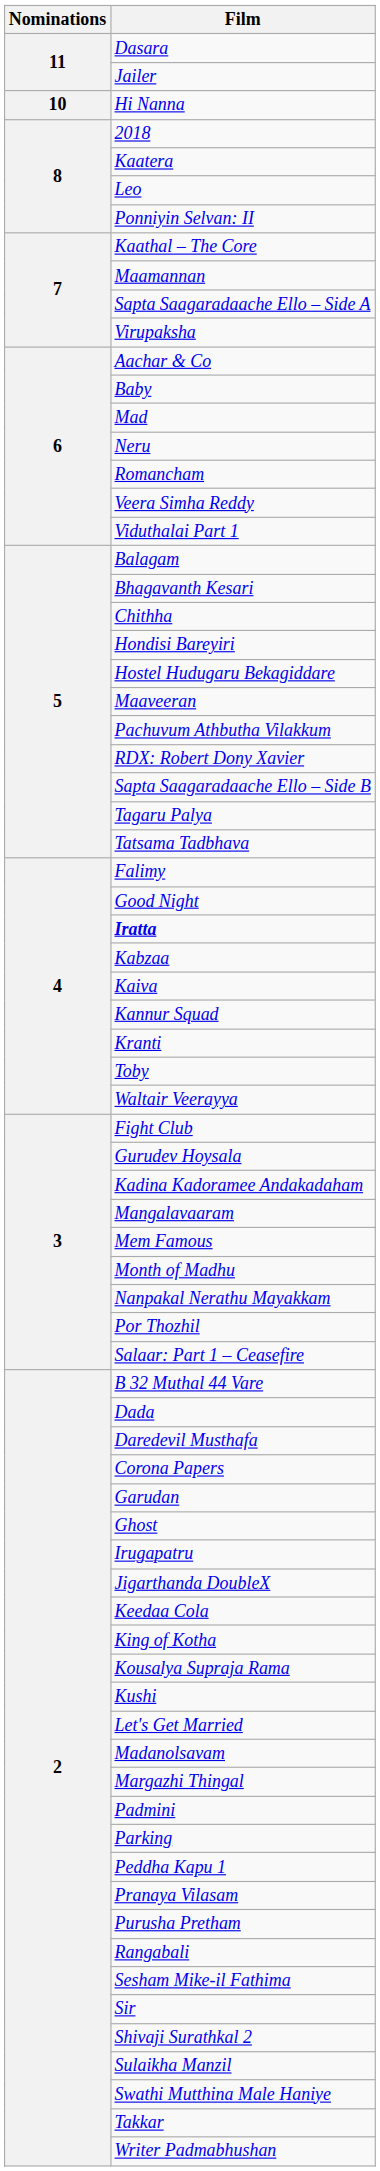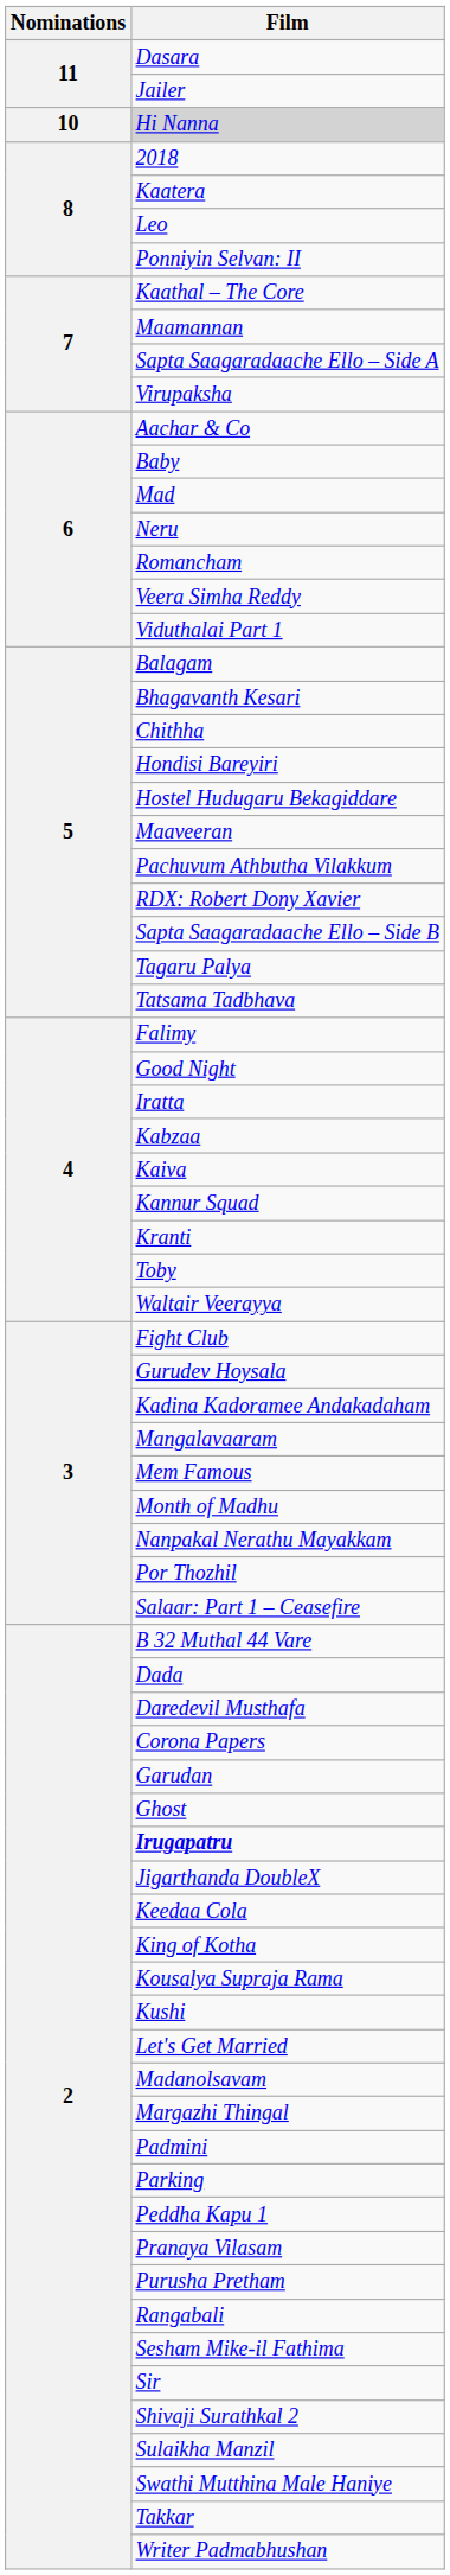 <table class="wikitable" style="display:inline-table;">
 <tr>
 <th>Nominations</th>
 <th>Film</th>
 </tr>
 <tr>
 <th rowspan="2">11</th>
 <td><a href='#'><em>Dasara</em></a></td>
 </tr>
 <tr>
 <td><a href='#'><em>Jailer</em></a></td>
 </tr>
 <tr>
 <th>10</th>
-<td><em><a href='#'>Hi Nanna</a></em></td>
+<td style="background: lightgrey;"><em><a href='#'>Hi Nanna</a></em></td>
 </tr>
 <tr>
 <th rowspan="4">8</th>
 <td><a href='#'><em>2018</em></a></td>
 </tr>
 <tr>
 <td><em><a href='#'>Kaatera</a></em></td>
 </tr>
 <tr>
 <td><a href='#'><em>Leo</em></a></td>
 </tr>
 <tr>
 <td><em><a href='#'>Ponniyin Selvan: II</a></em></td>
 </tr>
 <tr>
 <th rowspan="4">7</th>
 <td><em><a href='#'>Kaathal – The Core</a></em></td>
 </tr>
 <tr>
 <td><em><a href='#'>Maamannan</a></em></td>
 </tr>
 <tr>
 <td><em><a href='#'>Sapta Saagaradaache Ello – Side A</a></em></td>
 </tr>
 <tr>
 <td><a href='#'><em>Virupaksha</em></a></td>
 </tr>
 <tr>
 <th rowspan="7">6</th>
 <td><em><a href='#'>Aachar & Co</a></em></td>
 </tr>
 <tr>
 <td><a href='#'><em>Baby</em></a></td>
 </tr>
 <tr>
 <td><a href='#'><em>Mad</em></a></td>
 </tr>
 <tr>
 <td><a href='#'><em>Neru</em></a></td>
 </tr>
 <tr>
 <td><em><a href='#'>Romancham</a></em></td>
 </tr>
 <tr>
 <td><em><a href='#'>Veera Simha Reddy</a></em></td>
 </tr>
 <tr>
 <td><em><a href='#'>Viduthalai Part 1</a></em></td>
 </tr>
 <tr>
 <th rowspan="11">5</th>
 <td><a href='#'><em>Balagam</em></a></td>
 </tr>
 <tr>
 <td><em><a href='#'>Bhagavanth Kesari</a></em></td>
 </tr>
 <tr>
 <td><em><a href='#'>Chithha</a></em></td>
 </tr>
 <tr>
 <td><em><a href='#'>Hondisi Bareyiri</a></em></td>
 </tr>
 <tr>
 <td><em><a href='#'>Hostel Hudugaru Bekagiddare</a></em></td>
 </tr>
 <tr>
 <td><a href='#'><em>Maaveeran</em></a></td>
 </tr>
 <tr>
 <td><em><a href='#'>Pachuvum Athbutha Vilakkum</a></em></td>
 </tr>
 <tr>
 <td><em><a href='#'>RDX: Robert Dony Xavier</a></em></td>
 </tr>
 <tr>
 <td><em><a href='#'>Sapta Saagaradaache Ello – Side B</a></em></td>
 </tr>
 <tr>
 <td><em><a href='#'>Tagaru Palya</a></em></td>
 </tr>
 <tr>
 <td><em><a href='#'>Tatsama Tadbhava</a></em></td>
 </tr>
 <tr>
 <th rowspan="9">4</th>
 <td><em><a href='#'>Falimy</a></em></td>
 </tr>
 <tr>
 <td><a href='#'><em>Good Night</em></a></td>
 </tr>
 <tr>
-<td><strong><em><a href='#'>Iratta</a></em></strong></td>
+<td><em><a href='#'>Iratta</a></em></td>
 </tr>
 <tr>
 <td><a href='#'><em>Kabzaa</em></a></td>
 </tr>
 <tr>
 <td><a href='#'><em>Kaiva</em></a></td>
 </tr>
 <tr>
 <td><em><a href='#'>Kannur Squad</a></em></td>
 </tr>
 <tr>
 <td><a href='#'><em>Kranti</em></a></td>
 </tr>
 <tr>
 <td><a href='#'><em>Toby</em></a></td>
 </tr>
 <tr>
 <td><em><a href='#'>Waltair Veerayya</a></em></td>
 </tr>
 <tr>
 <th rowspan="9">3</th>
 <td><a href='#'><em>Fight Club</em></a></td>
 </tr>
 <tr>
 <td><em><a href='#'>Gurudev Hoysala</a></em></td>
 </tr>
 <tr>
 <td><em><a href='#'>Kadina Kadoramee Andakadaham</a></em></td>
 </tr>
 <tr>
 <td><em><a href='#'>Mangalavaaram</a></em></td>
 </tr>
 <tr>
 <td><em><a href='#'>Mem Famous</a></em></td>
 </tr>
 <tr>
 <td><em><a href='#'>Month of Madhu</a></em></td>
 </tr>
 <tr>
 <td><em><a href='#'>Nanpakal Nerathu Mayakkam</a></em></td>
 </tr>
 <tr>
 <td><em><a href='#'>Por Thozhil</a></em></td>
 </tr>
 <tr>
 <td><em><a href='#'>Salaar: Part 1 – Ceasefire</a></em></td>
 </tr>
 <tr>
 <th rowspan="28">2</th>
 <td><em><a href='#'>B 32 Muthal 44 Vare</a></em></td>
 </tr>
 <tr>
 <td><a href='#'><em>Dada</em></a></td>
 </tr>
 <tr>
 <td><em><a href='#'>Daredevil Musthafa</a></em></td>
 </tr>
 <tr>
 <td><em><a href='#'>Corona Papers</a></em></td>
 </tr>
 <tr>
 <td><a href='#'><em>Garudan</em></a></td>
 </tr>
 <tr>
 <td><a href='#'><em>Ghost</em></a></td>
 </tr>
 <tr>
-<td><em><a href='#'>Irugapatru</a></em></td>
+<td><strong><em><a href='#'>Irugapatru</a></em></strong></td>
 </tr>
 <tr>
 <td><em><a href='#'>Jigarthanda DoubleX</a></em></td>
 </tr>
 <tr>
 <td><em><a href='#'>Keedaa Cola</a></em></td>
 </tr>
 <tr>
 <td><em><a href='#'>King of Kotha</a></em></td>
 </tr>
 <tr>
 <td><a href='#'><em>Kousalya Supraja Rama</em></a></td>
 </tr>
 <tr>
 <td><a href='#'><em>Kushi</em></a></td>
 </tr>
 <tr>
 <td><a href='#'><em>Let's Get Married</em></a></td>
 </tr>
 <tr>
 <td><a href='#'><em>Madanolsavam</em></a></td>
 </tr>
 <tr>
 <td><em><a href='#'>Margazhi Thingal</a></em></td>
 </tr>
 <tr>
 <td><a href='#'><em>Padmini</em></a></td>
 </tr>
 <tr>
 <td><a href='#'><em>Parking</em></a></td>
 </tr>
 <tr>
 <td><em><a href='#'>Peddha Kapu 1</a></em></td>
 </tr>
 <tr>
 <td><em><a href='#'>Pranaya Vilasam</a></em></td>
 </tr>
 <tr>
 <td><em><a href='#'>Purusha Pretham</a></em></td>
 </tr>
 <tr>
 <td><a href='#'><em>Rangabali</em></a></td>
 </tr>
 <tr>
 <td><em><a href='#'>Sesham Mike-il Fathima</a></em></td>
 </tr>
 <tr>
 <td><a href='#'><em>Sir</em></a></td>
 </tr>
 <tr>
 <td><em><a href='#'>Shivaji Surathkal 2</a></em></td>
 </tr>
 <tr>
 <td><em><a href='#'>Sulaikha Manzil</a></em></td>
 </tr>
 <tr>
 <td><em><a href='#'>Swathi Mutthina Male Haniye</a></em></td>
 </tr>
 <tr>
 <td><a href='#'><em>Takkar</em></a></td>
 </tr>
 <tr>
 <td><em><a href='#'>Writer Padmabhushan</a></em></td>
 </tr>
 </table>
